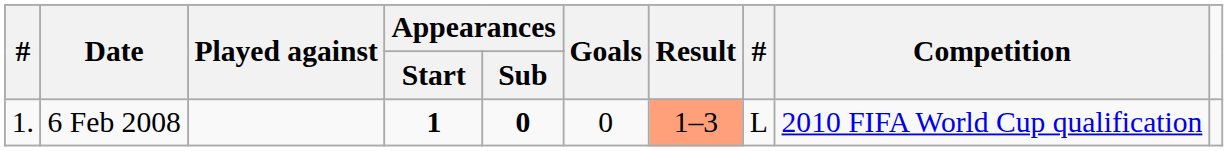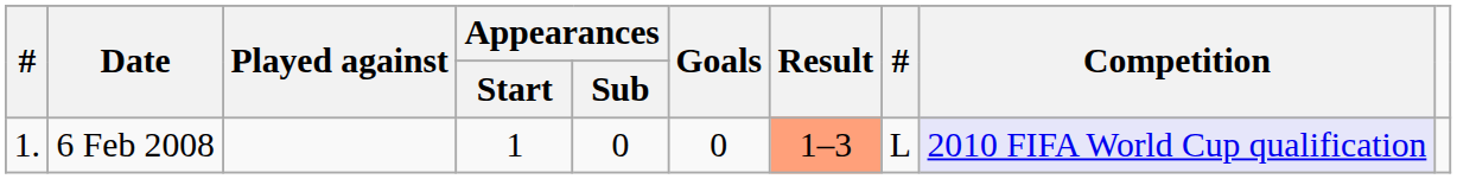 <table class="wikitable" style="text-align: center;">
 <tr>
 <th rowspan="2">#</th>
 <th rowspan="2">Date</th>
 <th rowspan="2">Played against</th>
 <th colspan="2">Appearances</th>
 <th rowspan="2">Goals</th>
 <th rowspan="2">Result</th>
 <th rowspan="2">#</th>
 <th rowspan="2">Competition</th>
 </tr>
 <tr>
 <th>Start</th>
 <th>Sub</th>
 </tr>
 <tr>
 <td align="left">1.</td>
 <td>6 Feb 2008</td>
 <td align="left"></td>
-<td><strong>1</strong></td>
-<td><strong>0</strong></td>
+<td>1</td>
+<td>0</td>
 <td>0</td>
 <td style="background: lightsalmon;">1–3</td>
 <td>L</td>
-<td align="left"><a href='#'>2010 FIFA World Cup qualification</a></td>
+<td align="left" style="background: lavender;"><a href='#'>2010 FIFA World Cup qualification</a></td>
 <td></td>
 </tr>
 </table>
